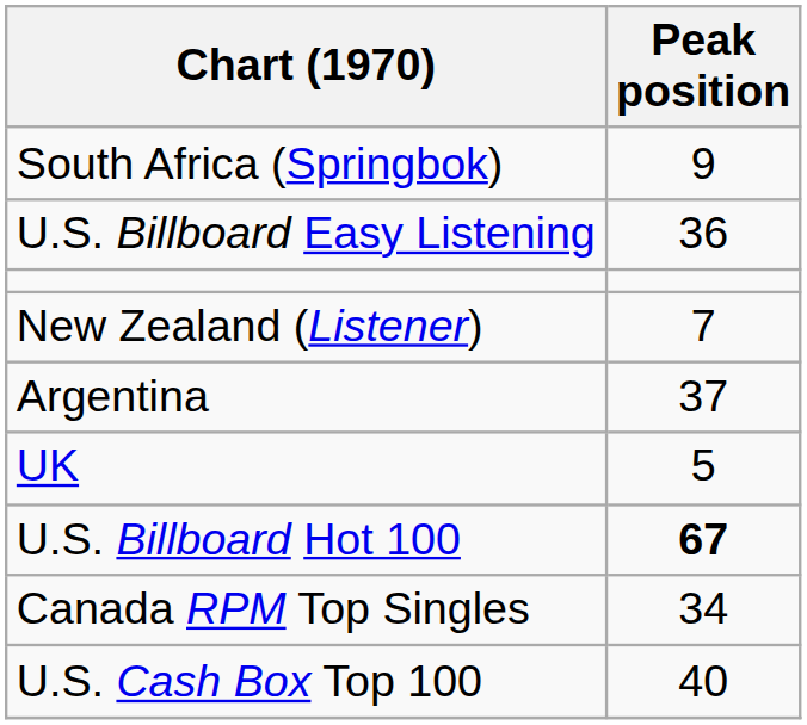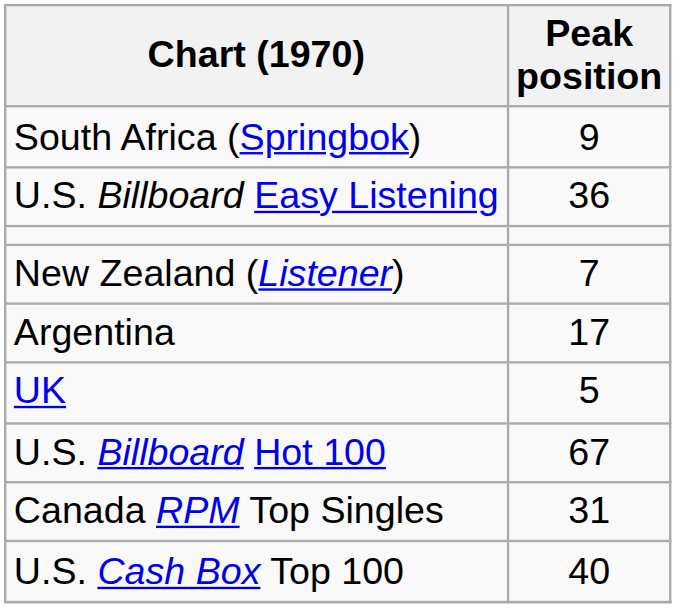 <table class="wikitable sortable">
 <tr>
 <th>Chart (1970)</th>
 <th>Peak<br>position</th>
 </tr>
 <tr>
 <td>South Africa (<a href='#'>Springbok</a>)</td>
 <td style="text-align:center;">9</td>
 </tr>
 <tr>
 <td>U.S. <em>Billboard</em> <a href='#'>Easy Listening</a></td>
 <td style="text-align:center;">36</td>
 </tr>
 <tr>
 <td></td>
 </tr>
 <tr>
 <td>New Zealand (<em><a href='#'>Listener</a></em>)</td>
 <td style="text-align:center;">7</td>
 </tr>
 <tr>
 <td>Argentina</td>
-<td align="center">37</td>
+<td align="center">17</td>
 </tr>
 <tr>
 <td><a href='#'>UK</a></td>
 <td style="text-align:center;">5</td>
 </tr>
 <tr>
 <td>U.S. <em><a href='#'>Billboard</a></em> <a href='#'>Hot 100</a></td>
-<td style="text-align:center;"><strong>67</strong></td>
+<td style="text-align:center;">67</td>
 </tr>
 <tr>
 <td>Canada <em><a href='#'>RPM</a></em> Top Singles</td>
-<td style="text-align:center;">34</td>
+<td style="text-align:center;">31</td>
 </tr>
 <tr>
 <td>U.S. <a href='#'><em>Cash Box</em></a> Top 100</td>
 <td align="center">40</td>
 </tr>
 <tr>
 </tr>
 </table>
